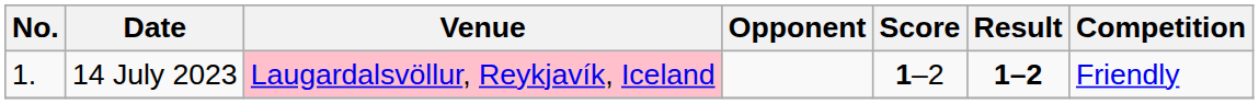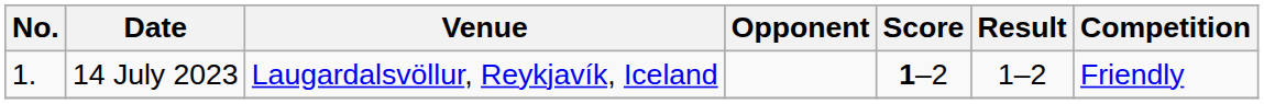 <table class="wikitable">
 <tr>
 <th>No.</th>
 <th>Date</th>
 <th>Venue</th>
 <th>Opponent</th>
 <th>Score</th>
 <th>Result</th>
 <th>Competition</th>
 </tr>
 <tr>
 <td>1.</td>
 <td>14 July 2023</td>
-<td style="background: pink;"><a href='#'>Laugardalsvöllur</a>, <a href='#'>Reykjavík</a>, <a href='#'>Iceland</a></td>
+<td><a href='#'>Laugardalsvöllur</a>, <a href='#'>Reykjavík</a>, <a href='#'>Iceland</a></td>
 <td></td>
 <td align=center><strong>1</strong>–2</td>
-<td align=center><strong>1–2</strong></td>
+<td align=center>1–2</td>
 <td><a href='#'>Friendly</a></td>
 </tr>
 <tr>
 </tr>
 </table>
